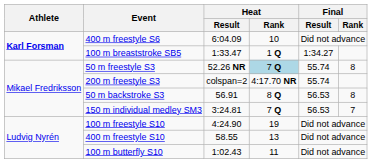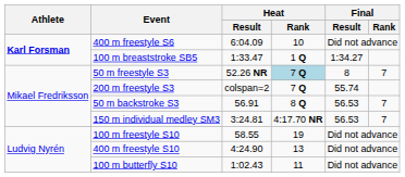 <table class="wikitable" style="font-size:90%">
 <tr>
 <th rowspan="2">Athlete</th>
 <th rowspan="2">Event</th>
 <th colspan=2>Heat</th>
 <th colspan=2>Final</th>
 </tr>
 <tr style="font-size:95%">
 <th>Result</th>
 <th>Rank</th>
 <th>Result</th>
 <th>Rank</th>
 </tr>
 <tr align=center>
 <td align=left rowspan=2><strong><a href='#'>Karl Forsman</a></strong></td>
 <td align=left><a href='#'>400 m freestyle S6</a></td>
 <td>6:04.09</td>
 <td>10</td>
 <td colspan=2>Did not advance</td>
 </tr>
 <tr align=center>
 <td align=left><a href='#'>100 m breaststroke SB5</a></td>
 <td>1:33.47</td>
 <td>1 <strong>Q</strong></td>
 <td>1:34.27</td>
 <td></td>
 </tr>
 <tr align=center>
 <td align=left rowspan=4><a href='#'>Mikael Fredriksson</a></td>
 <td align=left><a href='#'>50 m freestyle S3</a></td>
 <td>52.26 <strong>NR</strong></td>
 <td style="background: lightblue;">7 <strong>Q</strong></td>
-<td>55.74</td>
 <td>8</td>
+<td>7</td>
 </tr>
 <tr align=center>
 <td align=left><a href='#'>200 m freestyle S3</a></td>
 <td>colspan=2 </td>
-<td>4:17.70 <strong>NR</strong></td>
+<td>7 <strong>Q</strong></td>
 <td>55.74</td>
 </tr>
 <tr align=center>
 <td align=left><a href='#'>50 m backstroke S3</a></td>
 <td>56.91</td>
 <td>8 <strong>Q</strong></td>
 <td>56.53</td>
-<td>8</td>
+<td>7</td>
 </tr>
 <tr align=center>
 <td align=left><a href='#'>150 m individual medley SM3</a></td>
 <td>3:24.81</td>
-<td>7 <strong>Q</strong></td>
+<td>4:17.70 <strong>NR</strong></td>
 <td>56.53</td>
 <td>7</td>
 </tr>
 <tr align=center>
 <td align=left rowspan=3><a href='#'>Ludvig Nyrén</a></td>
 <td align=left><a href='#'>100 m freestyle S10</a></td>
-<td>4:24.90</td>
+<td>58.55</td>
 <td>19</td>
 <td colspan=2>Did not advance</td>
 </tr>
 <tr align=center>
 <td align=left><a href='#'>400 m freestyle S10</a></td>
-<td>58.55</td>
+<td>4:24.90</td>
 <td>13</td>
 <td colspan=2>Did not advance</td>
 </tr>
 <tr align=center>
 <td align=left><a href='#'>100 m butterfly S10</a></td>
 <td>1:02.43</td>
 <td>11</td>
 <td colspan=2>Did not advance</td>
 </tr>
 </table>
